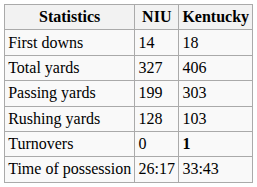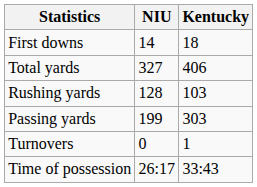 <table class="wikitable" style="float: left;">
 <tr>
 <th>Statistics</th>
 <th>NIU</th>
 <th>Kentucky</th>
 </tr>
 <tr>
 <td>First downs</td>
 <td>14</td>
 <td>18</td>
 </tr>
 <tr>
 <td>Total yards</td>
 <td>327</td>
 <td>406</td>
 </tr>
 <tr>
+<td>Rushing yards</td>
+<td>128</td>
+<td>103</td>
+</tr>
+<tr>
 <td>Passing yards</td>
 <td>199</td>
 <td>303</td>
 </tr>
 <tr>
-<td>Rushing yards</td>
-<td>128</td>
-<td>103</td>
-</tr>
-<tr>
 <td>Turnovers</td>
 <td>0</td>
-<td><strong>1</strong></td>
+<td>1</td>
 </tr>
 <tr>
 <td>Time of possession</td>
 <td>26:17</td>
 <td>33:43</td>
 </tr>
 <tr>
 </tr>
 </table>
